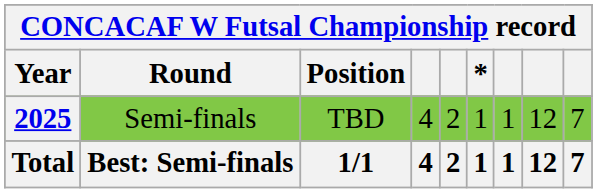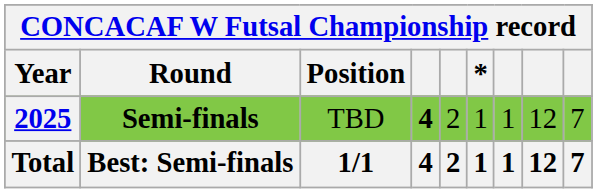 <table class="wikitable" style="text-align: center;">
 <tr>
 <th colspan="9"><a href='#'>CONCACAF W Futsal Championship</a> record</th>
 </tr>
 <tr>
 <th>Year</th>
 <th>Round</th>
 <th>Position</th>
 <th></th>
 <th></th>
 <th>*</th>
 <th></th>
 <th></th>
 <th></th>
 </tr>
 <tr bgcolor="#81c846">
 <th> <a href='#'>2025</a></th>
-<td>Semi-finals</td>
+<td><strong>Semi-finals</strong></td>
 <td>TBD</td>
-<td>4</td>
+<td><strong>4</strong></td>
 <td>2</td>
 <td>1</td>
 <td>1</td>
 <td>12</td>
 <td>7</td>
 </tr>
 <tr>
 <th>Total</th>
 <th>Best: Semi-finals</th>
 <th>1/1</th>
 <th>4</th>
 <th>2</th>
 <th>1</th>
 <th>1</th>
 <th>12</th>
 <th>7</th>
 </tr>
 </table>
